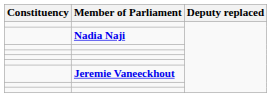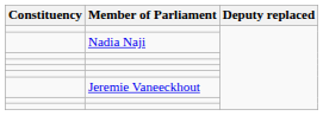 <table class="wikitable">
 <tr>
 <th>Constituency</th>
 <th>Member of Parliament</th>
 <th>Deputy replaced</th>
 </tr>
 <tr>
 <td></td>
 <td></td>
 <td rowspan="9"></td>
 </tr>
 <tr>
 <td></td>
-<td><strong><a href='#'>Nadia Naji</a></strong></td>
+<td><a href='#'>Nadia Naji</a></td>
 </tr>
 <tr>
 <td></td>
 <td></td>
 </tr>
 <tr>
 <td></td>
 <td></td>
 </tr>
 <tr>
 <td></td>
 <td></td>
 </tr>
 <tr>
 <td></td>
 <td></td>
 </tr>
 <tr>
 <td></td>
-<td><strong><a href='#'>Jeremie Vaneeckhout</a></strong></td>
+<td><a href='#'>Jeremie Vaneeckhout</a></td>
 </tr>
 <tr>
 <td></td>
 <td></td>
 </tr>
 <tr>
 <td></td>
 <td></td>
 </tr>
 </table>
